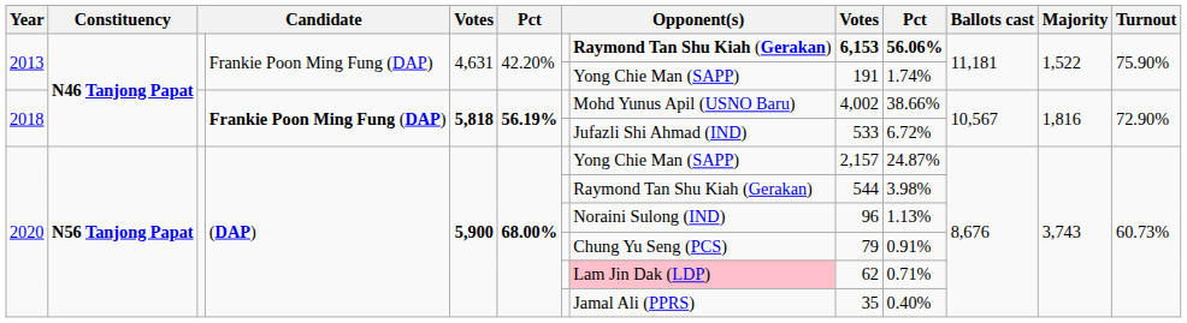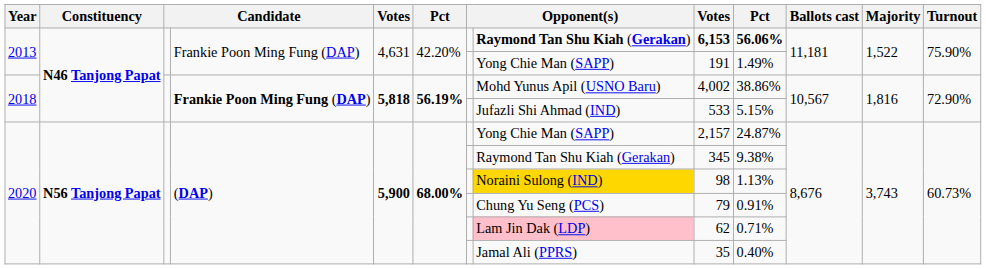 <table class="wikitable" style="margin:0.5em ; font-size:95%">
 <tr>
 <th>Year</th>
 <th>Constituency</th>
 <th colspan=2>Candidate</th>
 <th>Votes</th>
 <th>Pct</th>
 <th colspan=2>Opponent(s)</th>
 <th>Votes</th>
 <th>Pct</th>
 <th>Ballots cast</th>
 <th>Majority</th>
 <th>Turnout</th>
 </tr>
 <tr>
 <td rowspan=2><a href='#'>2013</a></td>
 <td rowspan=4><strong>N46 <a href='#'>Tanjong Papat</a></strong></td>
 <td rowspan=2 ></td>
 <td rowspan=2>Frankie Poon Ming Fung (<a href='#'>DAP</a>)</td>
 <td rowspan=2 align="right">4,631</td>
 <td rowspan=2>42.20%</td>
 <td></td>
 <td><strong>Raymond Tan Shu Kiah</strong> (<a href='#'><strong>Gerakan</strong></a>)</td>
 <td align="right"><strong>6,153</strong></td>
 <td><strong>56.06%</strong></td>
 <td rowspan=2>11,181</td>
 <td rowspan=2>1,522</td>
 <td rowspan=2>75.90%</td>
 </tr>
 <tr>
 <td></td>
 <td>Yong Chie Man (<a href='#'>SAPP</a>)</td>
 <td align="right">191</td>
-<td>1.74%</td>
+<td>1.49%</td>
 </tr>
 <tr>
 <td rowspan=2><a href='#'>2018</a></td>
 <td rowspan=2 ></td>
 <td rowspan=2><strong>Frankie Poon Ming Fung</strong> (<a href='#'><strong>DAP</strong></a>)</td>
 <td rowspan=2 align="right"><strong>5,818</strong></td>
 <td rowspan=2><strong>56.19%</strong></td>
 <td></td>
 <td>Mohd Yunus Apil (<a href='#'>USNO Baru</a>)</td>
 <td align="right">4,002</td>
-<td>38.66%</td>
+<td>38.86%</td>
 <td rowspan=2>10,567</td>
 <td rowspan=2>1,816</td>
 <td rowspan=2>72.90%</td>
 </tr>
 <tr>
 <td></td>
 <td>Jufazli Shi Ahmad (<a href='#'>IND</a>)</td>
 <td align="right">533</td>
-<td>6.72%</td>
+<td>5.15%</td>
 </tr>
 <tr>
 <td rowspan=6><a href='#'>2020</a></td>
 <td rowspan=6><strong>N56 <a href='#'>Tanjong Papat</a></strong></td>
 <td rowspan=6 ></td>
 <td rowspan=6> (<a href='#'><strong>DAP</strong></a>)</td>
 <td rowspan=6 align="right"><strong>5,900</strong></td>
 <td rowspan=6><strong>68.00%</strong></td>
 <td></td>
 <td>Yong Chie Man (<a href='#'>SAPP</a>)</td>
 <td align="right">2,157</td>
 <td>24.87%</td>
 <td rowspan=6>8,676</td>
 <td rowspan=6>3,743</td>
 <td rowspan=6>60.73%</td>
 </tr>
 <tr>
 <td bgcolor=></td>
 <td>Raymond Tan Shu Kiah (<a href='#'>Gerakan</a>)</td>
-<td align="right">544</td>
-<td>3.98%</td>
+<td align="right">345</td>
+<td>9.38%</td>
 </tr>
 <tr>
 <td></td>
-<td>Noraini Sulong (<a href='#'>IND</a>)</td>
-<td align="right">96</td>
+<td style="background: gold;">Noraini Sulong (<a href='#'>IND</a>)</td>
+<td align="right">98</td>
 <td>1.13%</td>
 </tr>
 <tr>
 <td></td>
 <td>Chung Yu Seng (<a href='#'>PCS</a>)</td>
 <td align="right">79</td>
 <td>0.91%</td>
 </tr>
 <tr>
 <td></td>
 <td style="background: pink;">Lam Jin Dak (<a href='#'>LDP</a>)</td>
 <td align="right">62</td>
 <td>0.71%</td>
 </tr>
 <tr>
 <td></td>
 <td>Jamal Ali (<a href='#'>PPRS</a>)</td>
 <td align="right">35</td>
 <td>0.40%</td>
 </tr>
 </table>
